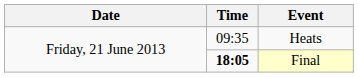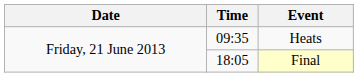 <table class = "wikitable" style="text-align:center;">
 <tr>
 <th width=220>Date</th>
 <th width=50>Time</th>
 <th width=100>Event</th>
 </tr>
 <tr>
 <td rowspan=2>Friday, 21 June 2013</td>
 <td>09:35</td>
 <td>Heats</td>
 </tr>
 <tr>
-<td><strong>18:05</strong></td>
+<td>18:05</td>
 <td bgcolor=ffffcc>Final</td>
 </tr>
 </table>
